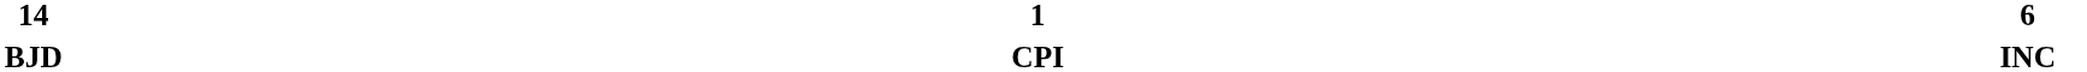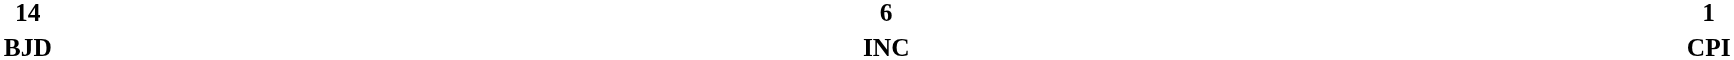 <table style="width:100%; text-align:center;">
 <tr>
 <td style="background:"><strong>14</strong></td>
+<td style="background:"><strong>6</strong></td>
 <td style="background:"><strong>1</strong></td>
-<td style="background:"><strong>6</strong></td>
 </tr>
 <tr>
 <td><span><strong>BJD</strong></span></td>
+<td><span><strong>INC</strong></span></td>
 <td><span><strong>CPI</strong></span></td>
-<td><span><strong>INC</strong></span></td>
 </tr>
 </table>
